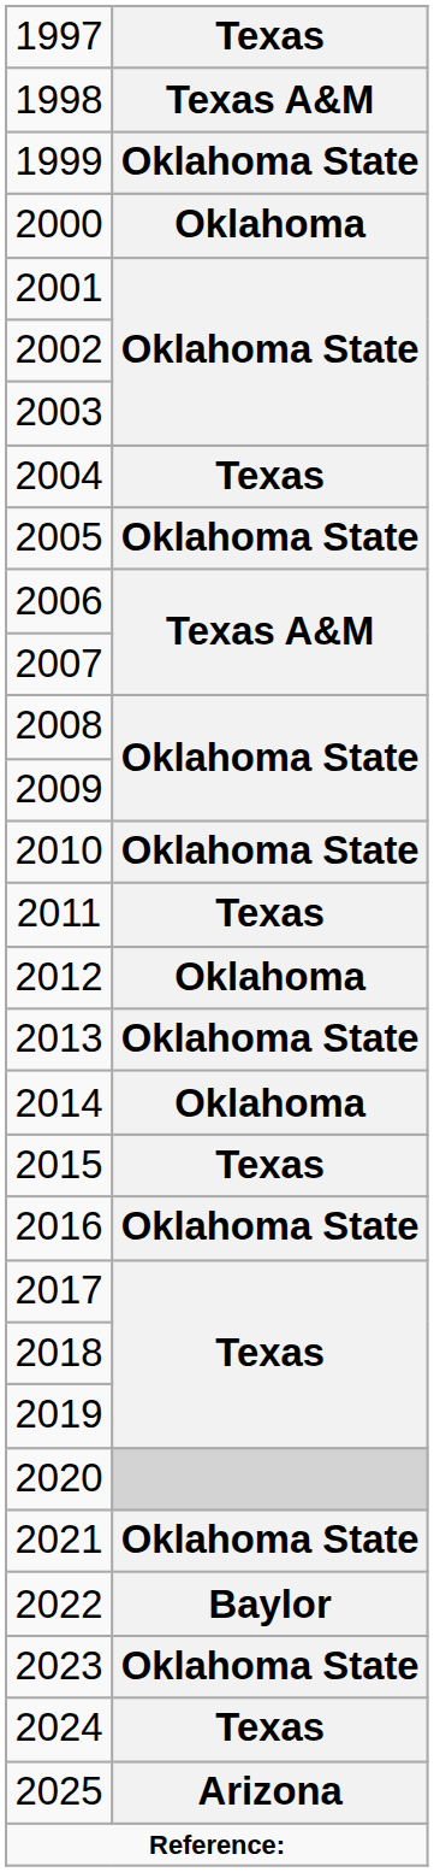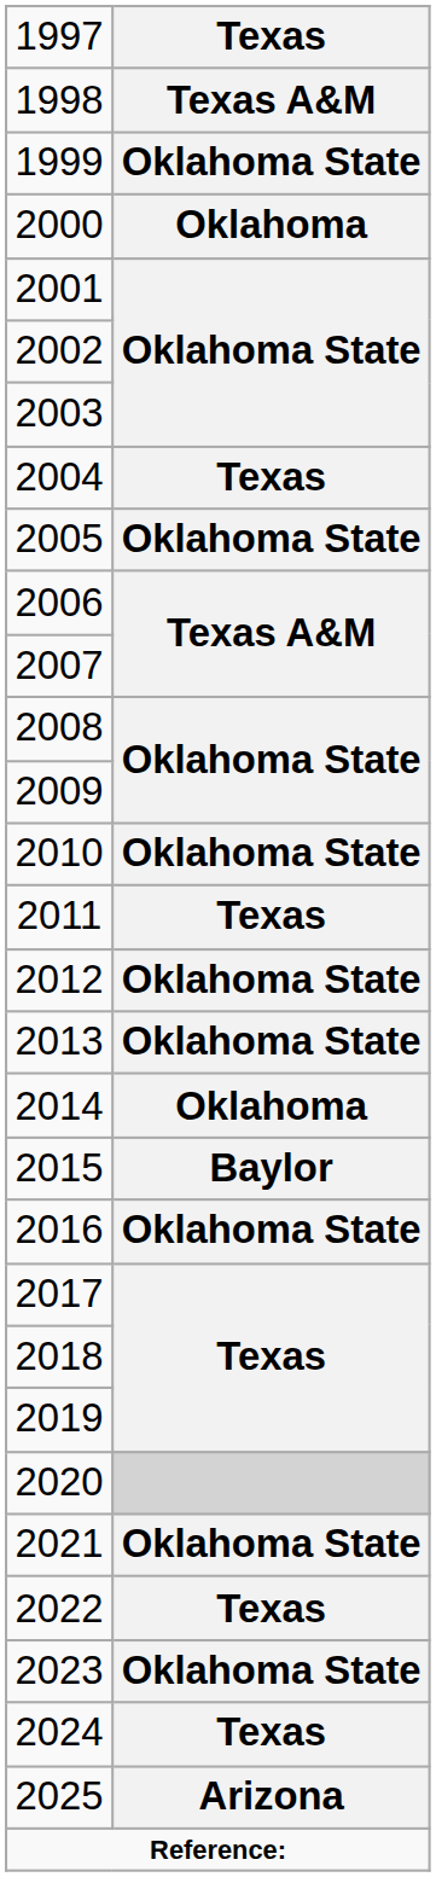 <table class="wikitable" style="text-align: center;">
 <tr>
 <td>1997</td>
 <th>Texas</th>
 </tr>
 <tr>
 <td>1998</td>
 <th>Texas A&M</th>
 </tr>
 <tr>
 <td>1999</td>
 <th>Oklahoma State</th>
 </tr>
 <tr>
 <td>2000</td>
 <th>Oklahoma</th>
 </tr>
 <tr>
 <td>2001</td>
 <th rowspan="3">Oklahoma State</th>
 </tr>
 <tr>
 <td>2002</td>
 </tr>
 <tr>
 <td>2003</td>
 </tr>
 <tr>
 <td>2004</td>
 <th>Texas</th>
 </tr>
 <tr>
 <td>2005</td>
 <th>Oklahoma State</th>
 </tr>
 <tr>
 <td>2006</td>
 <th rowspan="2">Texas A&M</th>
 </tr>
 <tr>
 <td>2007</td>
 </tr>
 <tr>
 <td>2008</td>
 <th rowspan="2">Oklahoma State</th>
 </tr>
 <tr>
 <td>2009</td>
 </tr>
 <tr>
 <td>2010</td>
 <th>Oklahoma State</th>
 </tr>
 <tr>
 <td>2011</td>
 <th>Texas</th>
 </tr>
 <tr>
 <td>2012</td>
-<th>Oklahoma</th>
+<th>Oklahoma State</th>
 </tr>
 <tr>
 <td>2013</td>
 <th>Oklahoma State</th>
 </tr>
 <tr>
 <td>2014</td>
 <th>Oklahoma</th>
 </tr>
 <tr>
 <td>2015</td>
-<th>Texas</th>
+<th>Baylor</th>
 </tr>
 <tr>
 <td>2016</td>
 <th>Oklahoma State</th>
 </tr>
 <tr>
 <td>2017</td>
 <th rowspan="3">Texas</th>
 </tr>
 <tr>
 <td>2018</td>
 </tr>
 <tr>
 <td>2019</td>
 </tr>
 <tr>
 <td>2020</td>
 <td bgcolor="#d3d3d3"></td>
 </tr>
 <tr>
 <td>2021</td>
 <th>Oklahoma State</th>
 </tr>
 <tr>
 <td>2022</td>
-<th>Baylor</th>
+<th>Texas</th>
 </tr>
 <tr>
 <td>2023</td>
 <th>Oklahoma State</th>
 </tr>
 <tr>
 <td>2024</td>
 <th>Texas</th>
 </tr>
 <tr>
 <td>2025</td>
 <th>Arizona</th>
 </tr>
 <tr>
 <td colspan="4"  style="font-size:8pt; text-align:center;"><strong>Reference:</strong></td>
 </tr>
 </table>
